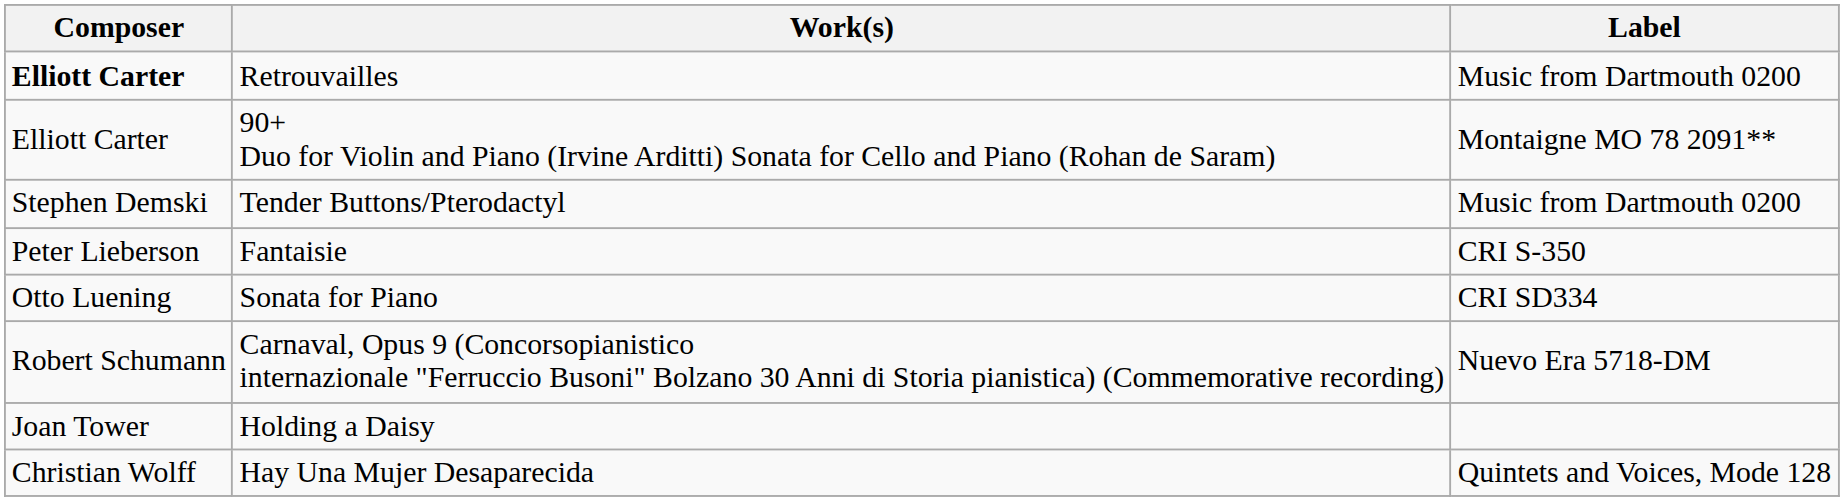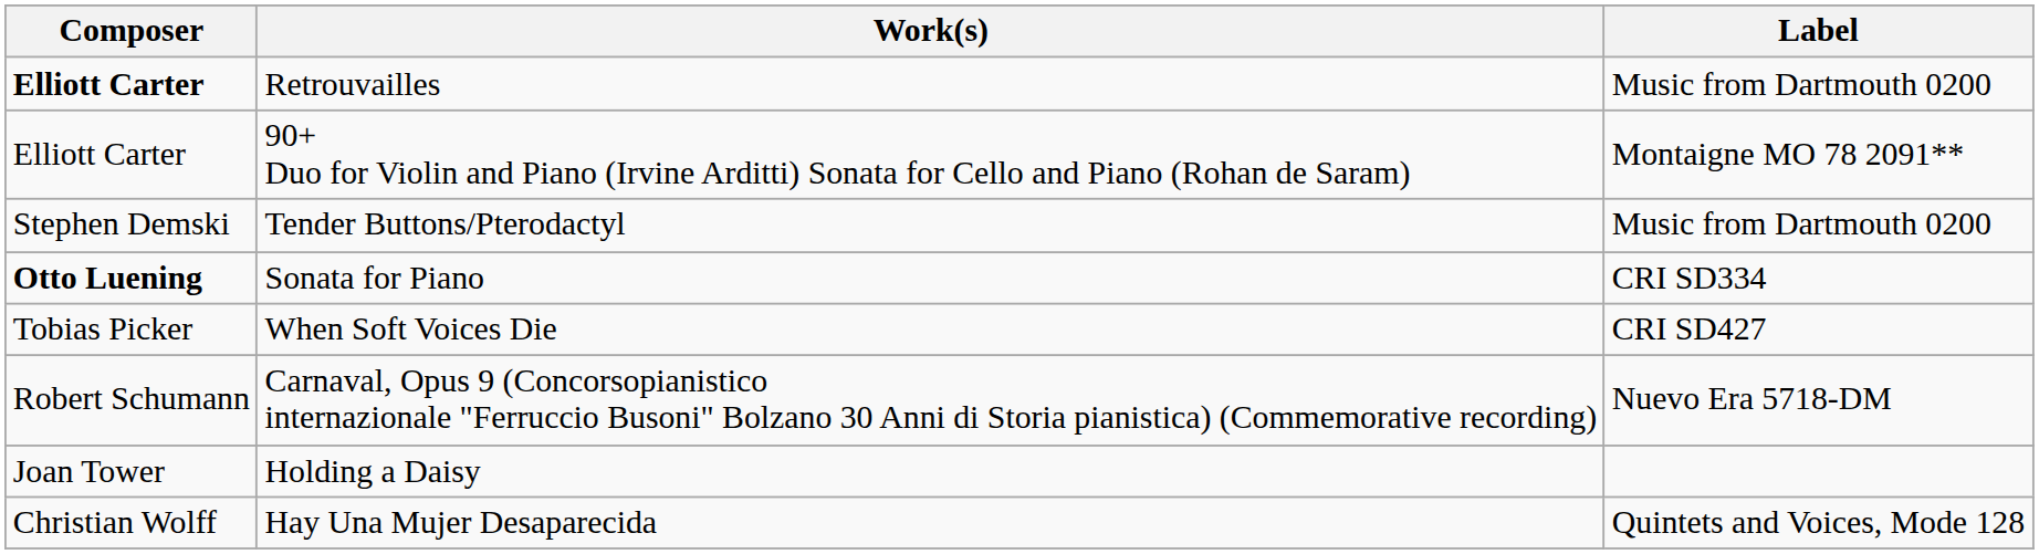 <table class="wikitable">
 <tr>
 <th>Composer</th>
 <th>Work(s)</th>
 <th>Label</th>
 </tr>
 <tr>
 <td><strong>Elliott Carter</strong></td>
 <td>Retrouvailles</td>
 <td>Music from Dartmouth 0200</td>
 </tr>
 <tr>
 <td>Elliott Carter</td>
 <td>90+<br>Duo for Violin and Piano (Irvine Arditti) Sonata for Cello and Piano (Rohan de Saram)</td>
 <td>Montaigne MO 78 2091**</td>
 </tr>
 <tr>
 <td>Stephen Demski</td>
 <td>Tender Buttons/Pterodactyl</td>
 <td>Music from Dartmouth 0200</td>
 </tr>
 <tr>
-<td>Peter Lieberson</td>
-<td>Fantaisie</td>
-<td>CRI S-350</td>
+<td><strong>Otto Luening</strong></td>
+<td>Sonata for Piano</td>
+<td>CRI SD334</td>
 </tr>
 <tr>
-<td>Otto Luening</td>
-<td>Sonata for Piano</td>
-<td>CRI SD334</td>
+<td>Tobias Picker</td>
+<td>When Soft Voices Die</td>
+<td>CRI SD427</td>
 </tr>
 <tr>
 <td>Robert Schumann</td>
 <td>Carnaval, Opus 9 (Concorsopianistico<br>internazionale "Ferruccio Busoni" Bolzano 30 Anni di Storia pianistica) (Commemorative recording)</td>
 <td>Nuevo Era 5718-DM</td>
 </tr>
 <tr>
 <td>Joan Tower</td>
 <td>Holding a Daisy<br></td>
 </tr>
 <tr>
 <td>Christian Wolff</td>
 <td>Hay Una Mujer Desaparecida</td>
 <td>Quintets and Voices, Mode 128</td>
 </tr>
 </table>
